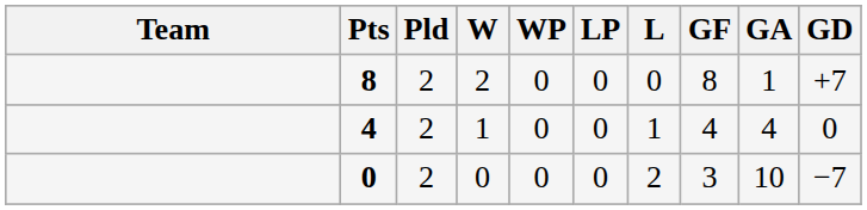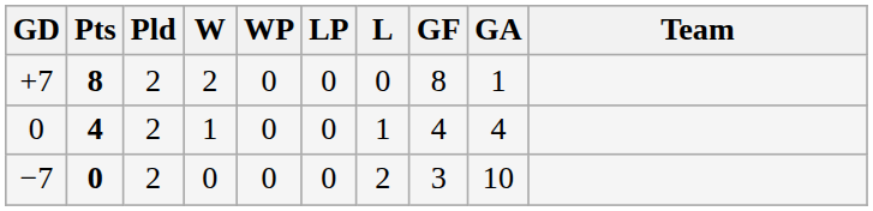 <table class="wikitable" style="text-align:center;">
 <tr>
-<th width=165>Team</th>
+<th width=20>GD</th>
 <th width=20>Pts</th>
 <th width=20>Pld</th>
 <th width=20>W</th>
 <th width=20>WP</th>
 <th width=20>LP</th>
 <th width=20>L</th>
 <th width=20>GF</th>
 <th width=20>GA</th>
-<th width=20>GD</th>
+<th width=165>Team</th>
 </tr>
 <tr align=center style="background:#f5f5f5">
-<td style="text-align:left;"></td>
+<td>+7</td>
 <td><strong>8</strong></td>
 <td>2</td>
 <td>2</td>
 <td>0</td>
 <td>0</td>
 <td>0</td>
 <td>8</td>
 <td>1</td>
-<td>+7</td>
+<td style="text-align:left;"></td>
 </tr>
 <tr align=center style="background:#f5f5f5">
-<td style="text-align:left;"></td>
+<td>0</td>
 <td><strong>4</strong></td>
 <td>2</td>
 <td>1</td>
 <td>0</td>
 <td>0</td>
 <td>1</td>
 <td>4</td>
 <td>4</td>
-<td>0</td>
+<td style="text-align:left;"></td>
 </tr>
 <tr align=center style="background:#f5f5f5">
-<td style="text-align:left;"></td>
+<td>−7</td>
 <td><strong>0</strong></td>
 <td>2</td>
 <td>0</td>
 <td>0</td>
 <td>0</td>
 <td>2</td>
 <td>3</td>
 <td>10</td>
-<td>−7</td>
+<td style="text-align:left;"></td>
 </tr>
 </table>
